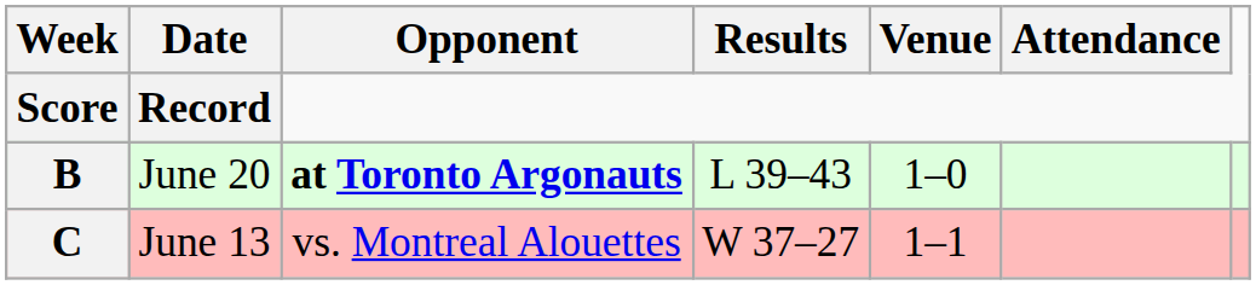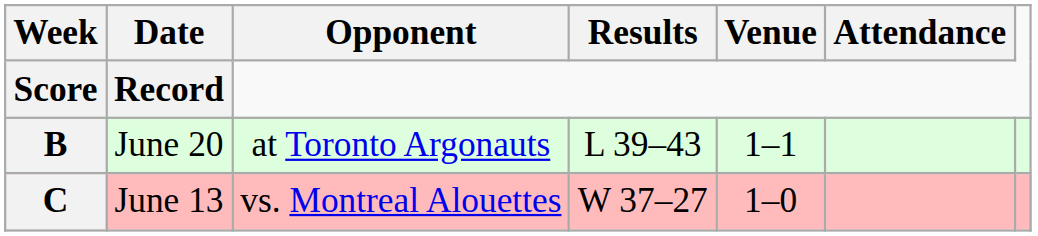 <table class="wikitable" style="text-align:center">
 <tr>
 <th>Week</th>
 <th>Date</th>
 <th>Opponent</th>
 <th>Results</th>
 <th>Venue</th>
 <th>Attendance</th>
 </tr>
 <tr>
 <th>Score</th>
 <th>Record</th>
 </tr>
 <tr style="background:#ddffdd">
 <th>B</th>
 <td>June 20</td>
-<td><strong>at <a href='#'>Toronto Argonauts</a></strong></td>
+<td>at <a href='#'>Toronto Argonauts</a></td>
 <td>L 39–43</td>
-<td>1–0</td>
+<td>1–1</td>
 <td></td>
 <td></td>
 </tr>
 <tr style="background:#ffbbbb">
 <th>C</th>
 <td>June 13</td>
 <td>vs. <a href='#'>Montreal Alouettes</a></td>
 <td>W 37–27</td>
-<td>1–1</td>
+<td>1–0</td>
 <td></td>
 <td></td>
 </tr>
 </table>
